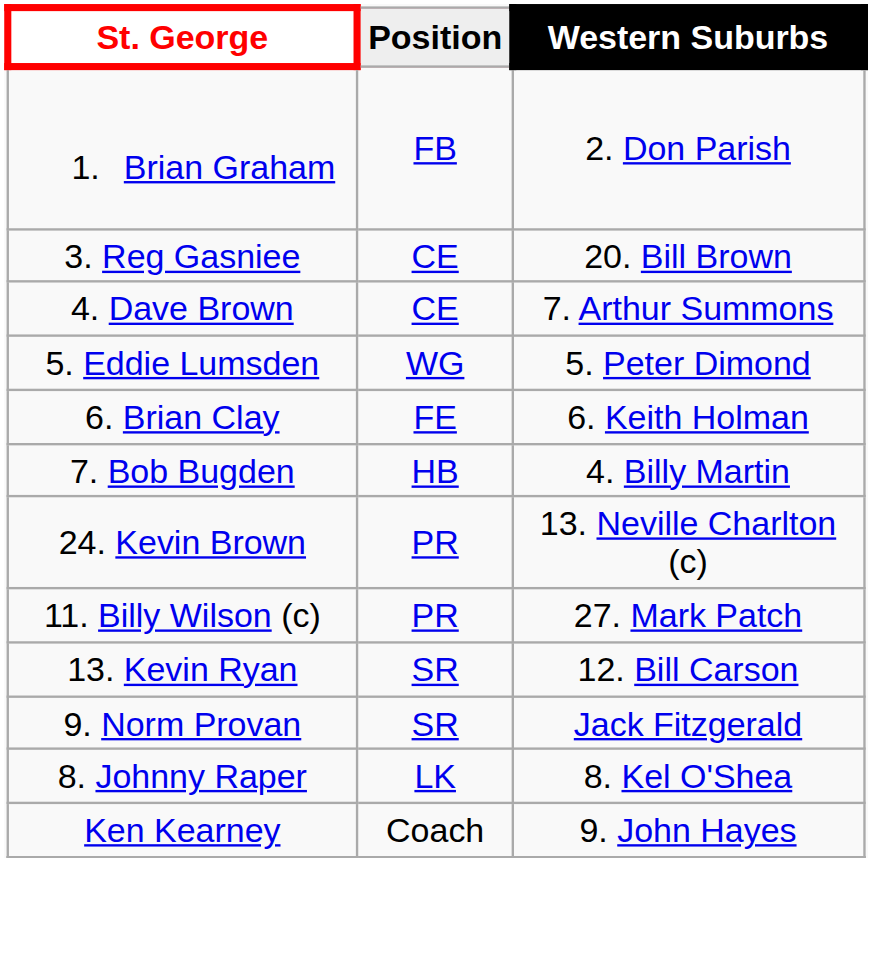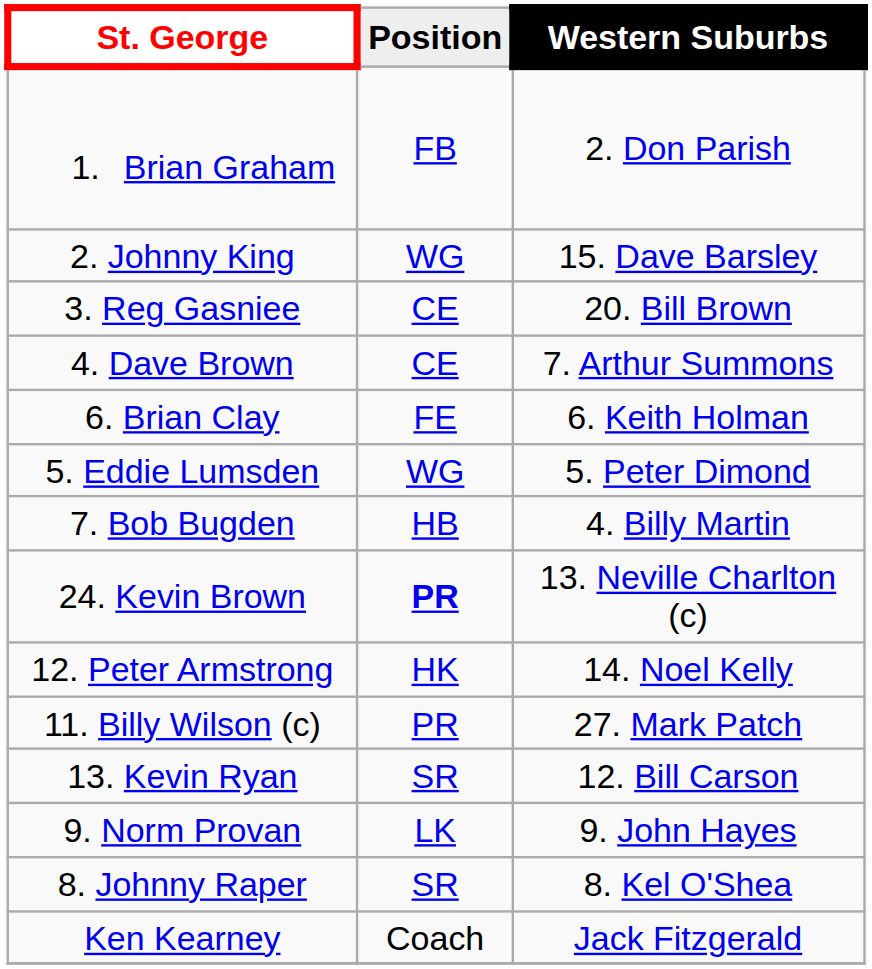 <table align="right" class="wikitable" style="font-size:90%; margin-left:1em">
 <tr bgcolor="#FF0033">
 <th style="width:140px; border:3px solid red; background: white; color: red">St. George</th>
 <th style="width:40px; text-align:center; background:#eee; color:black;">Position</th>
 <th style="width:140px; border:3px solid black; background: black; color: white">Western Suburbs</th>
 </tr>
 <tr align=center>
 <td><br><ol><li><a href='#'>Brian Graham</a></li></ol></td>
 <td><a href='#'>FB</a></td>
 <td>2. <a href='#'>Don Parish</a></td>
 </tr>
 <tr align=center>
+<td>2. <a href='#'>Johnny King</a></td>
+<td><a href='#'>WG</a></td>
+<td>15. <a href='#'>Dave Barsley</a></td>
+</tr>
+<tr align=center>
 <td>3. <a href='#'>Reg Gasniee</a></td>
 <td><a href='#'>CE</a></td>
 <td>20. <a href='#'>Bill Brown</a></td>
 </tr>
 <tr align=center>
 <td>4. <a href='#'>Dave Brown</a></td>
 <td><a href='#'>CE</a></td>
 <td>7. <a href='#'>Arthur Summons</a></td>
 </tr>
 <tr align=center>
+<td>6. <a href='#'>Brian Clay</a></td>
+<td><a href='#'>FE</a></td>
+<td>6. <a href='#'>Keith Holman</a></td>
+</tr>
+<tr align=center>
 <td>5. <a href='#'>Eddie Lumsden</a></td>
 <td><a href='#'>WG</a></td>
 <td>5. <a href='#'>Peter Dimond</a></td>
-</tr>
-<tr align=center>
-<td>6. <a href='#'>Brian Clay</a></td>
-<td><a href='#'>FE</a></td>
-<td>6. <a href='#'>Keith Holman</a></td>
 </tr>
 <tr align=center>
 <td>7. <a href='#'>Bob Bugden</a></td>
 <td><a href='#'>HB</a></td>
 <td>4. <a href='#'>Billy Martin</a></td>
 </tr>
 <tr align=center>
 <td>24. <a href='#'>Kevin Brown</a></td>
-<td><a href='#'>PR</a></td>
+<td><strong><a href='#'>PR</a></strong></td>
 <td>13. <a href='#'>Neville Charlton</a> (c)</td>
+</tr>
+<tr align=center>
+<td>12. <a href='#'>Peter Armstrong</a></td>
+<td><a href='#'>HK</a></td>
+<td>14. <a href='#'>Noel Kelly</a></td>
 </tr>
 <tr align=center>
 <td>11. <a href='#'>Billy Wilson</a> (c)</td>
 <td><a href='#'>PR</a></td>
 <td>27. <a href='#'>Mark Patch</a></td>
 </tr>
 <tr align=center>
 <td>13. <a href='#'>Kevin Ryan</a></td>
 <td><a href='#'>SR</a></td>
 <td>12. <a href='#'>Bill Carson</a></td>
 </tr>
 <tr align=center>
 <td>9. <a href='#'>Norm Provan</a></td>
-<td><a href='#'>SR</a></td>
-<td><a href='#'>Jack Fitzgerald</a></td>
+<td><a href='#'>LK</a></td>
+<td>9. <a href='#'>John Hayes</a></td>
 </tr>
 <tr align=center>
 <td>8. <a href='#'>Johnny Raper</a></td>
-<td><a href='#'>LK</a></td>
+<td><a href='#'>SR</a></td>
 <td>8. <a href='#'>Kel O'Shea</a></td>
 </tr>
 <tr align=center>
 <td><a href='#'>Ken Kearney</a></td>
 <td>Coach</td>
-<td>9. <a href='#'>John Hayes</a></td>
+<td><a href='#'>Jack Fitzgerald</a></td>
 </tr>
 <tr>
 </tr>
 </table>
